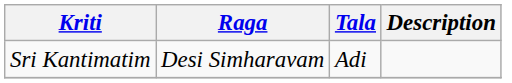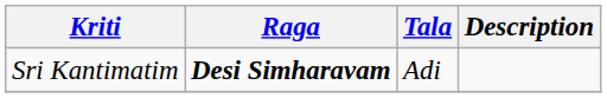 <table class="wikitable">
 <tr>
 <th><em><a href='#'>Kriti</a></em></th>
 <th><em><a href='#'>Raga</a></em></th>
 <th><em><a href='#'>Tala</a></em></th>
 <th><em>Description</em></th>
 </tr>
 <tr>
 <td><em>Sri Kantimatim</em></td>
-<td><em>Desi Simharavam</em></td>
+<td><strong><em>Desi Simharavam</em></strong></td>
 <td><em>Adi</em></td>
 <td></td>
 </tr>
 <tr>
 </tr>
 </table>
